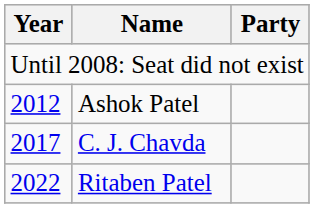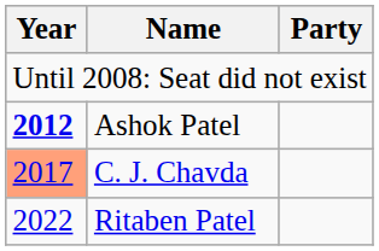 <table class="wikitable sortable">
 <tr>
 <th>Year</th>
 <th>Name</th>
 <th colspan=2>Party</th>
 </tr>
 <tr>
 <td colspan=4>Until 2008: Seat did not exist</td>
 </tr>
 <tr>
-<td><a href='#'>2012</a></td>
+<td><strong><a href='#'>2012</a></strong></td>
 <td>Ashok Patel</td>
 <td></td>
 </tr>
 <tr>
-<td><a href='#'>2017</a></td>
+<td style="background: lightsalmon;"><a href='#'>2017</a></td>
 <td><a href='#'>C. J. Chavda</a></td>
 <td></td>
 </tr>
 <tr>
 <td><a href='#'>2022</a></td>
 <td><a href='#'>Ritaben Patel</a></td>
 <td></td>
 </tr>
 </table>
